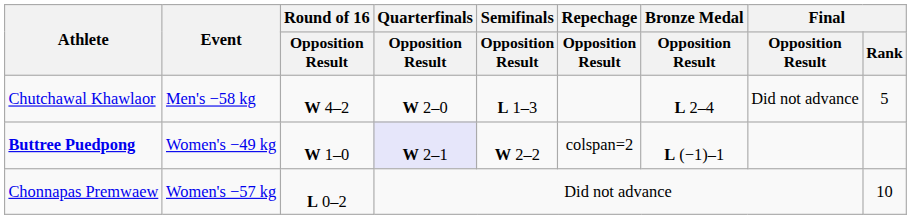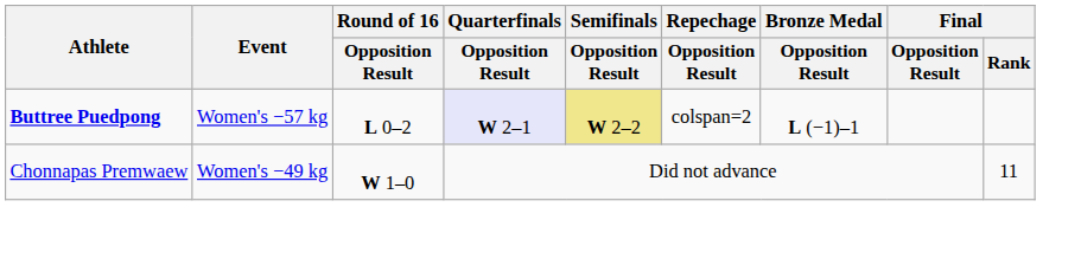 <table class="wikitable" style="font-size:90%">
 <tr>
 <th rowspan="2">Athlete</th>
 <th rowspan="2">Event</th>
 <th>Round of 16</th>
 <th>Quarterfinals</th>
 <th>Semifinals</th>
 <th>Repechage</th>
 <th>Bronze Medal</th>
 <th colspan=2>Final</th>
 </tr>
 <tr style="font-size:95%">
 <th>Opposition<br>Result</th>
 <th>Opposition<br>Result</th>
 <th>Opposition<br>Result</th>
 <th>Opposition<br>Result</th>
 <th>Opposition<br>Result</th>
 <th>Opposition<br>Result</th>
 <th>Rank</th>
 </tr>
 <tr align=center>
-<td align=left><a href='#'>Chutchawal Khawlaor</a></td>
-<td align=left><a href='#'>Men's −58 kg</a></td>
-<td><br><strong>W</strong> 4–2</td>
-<td><br><strong>W</strong> 2–0</td>
-<td><br><strong>L</strong> 1–3</td>
-<td></td>
-<td><br><strong>L</strong> 2–4</td>
-<td>Did not advance</td>
-<td>5</td>
-</tr>
-<tr align=center>
 <td align=left><strong><a href='#'>Buttree Puedpong</a></strong></td>
-<td align=left><a href='#'>Women's −49 kg</a></td>
-<td><br><strong>W</strong> 1–0</td>
+<td align=left><a href='#'>Women's −57 kg</a></td>
+<td><br><strong>L</strong> 0–2</td>
 <td style="background: lavender;"><br><strong>W</strong> 2–1</td>
-<td><br><strong>W</strong> 2–2 </td>
+<td style="background: khaki;"><br><strong>W</strong> 2–2 </td>
 <td>colspan=2 </td>
 <td><br><strong>L</strong> (−1)–1</td>
 <td></td>
 </tr>
 <tr align=center>
 <td align=left><a href='#'>Chonnapas Premwaew</a></td>
-<td align=left><a href='#'>Women's −57 kg</a></td>
-<td><br><strong>L</strong> 0–2</td>
+<td align=left><a href='#'>Women's −49 kg</a></td>
+<td><br><strong>W</strong> 1–0</td>
 <td colspan=5>Did not advance</td>
-<td>10</td>
+<td>11</td>
 </tr>
 </table>
